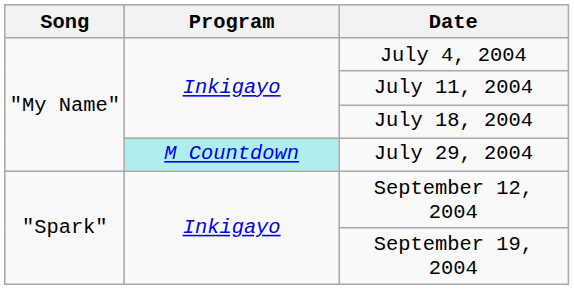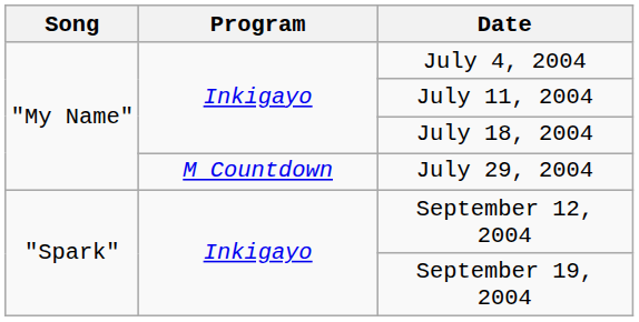 <table class="wikitable" style="text-align:center">
 <tr>
 <th>Song</th>
 <th width="130">Program</th>
 <th width="140">Date</th>
 </tr>
 <tr>
 <td rowspan="4">"My Name"</td>
 <td rowspan="3"><em><a href='#'>Inkigayo</a></em></td>
 <td>July 4, 2004</td>
 </tr>
 <tr>
 <td>July 11, 2004</td>
 </tr>
 <tr>
 <td>July 18, 2004</td>
 </tr>
 <tr>
-<td style="background: paleturquoise;"><em><a href='#'>M Countdown</a></em></td>
+<td><em><a href='#'>M Countdown</a></em></td>
 <td>July 29, 2004</td>
 </tr>
 <tr>
 <td rowspan="2">"Spark"</td>
 <td rowspan="2"><em><a href='#'>Inkigayo</a></em></td>
 <td>September 12, 2004</td>
 </tr>
 <tr>
 <td>September 19, 2004</td>
 </tr>
 </table>
